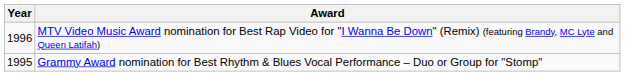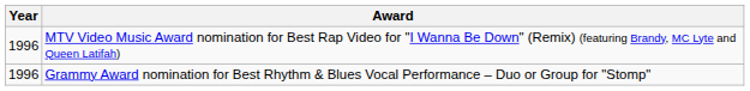 <table class="wikitable">
 <tr>
 <th>Year</th>
 <th>Award</th>
 </tr>
 <tr>
 <td>1996</td>
 <td><a href='#'>MTV Video Music Award</a> nomination for Best Rap Video for "<a href='#'>I Wanna Be Down</a>" (Remix) <small>(featuring <a href='#'>Brandy</a>, <a href='#'>MC Lyte</a> and <a href='#'>Queen Latifah</a>)</small></td>
 </tr>
 <tr>
-<td>1995</td>
+<td>1996</td>
 <td><a href='#'>Grammy Award</a> nomination for Best Rhythm & Blues Vocal Performance – Duo or Group for "Stomp"</td>
 </tr>
 </table>
